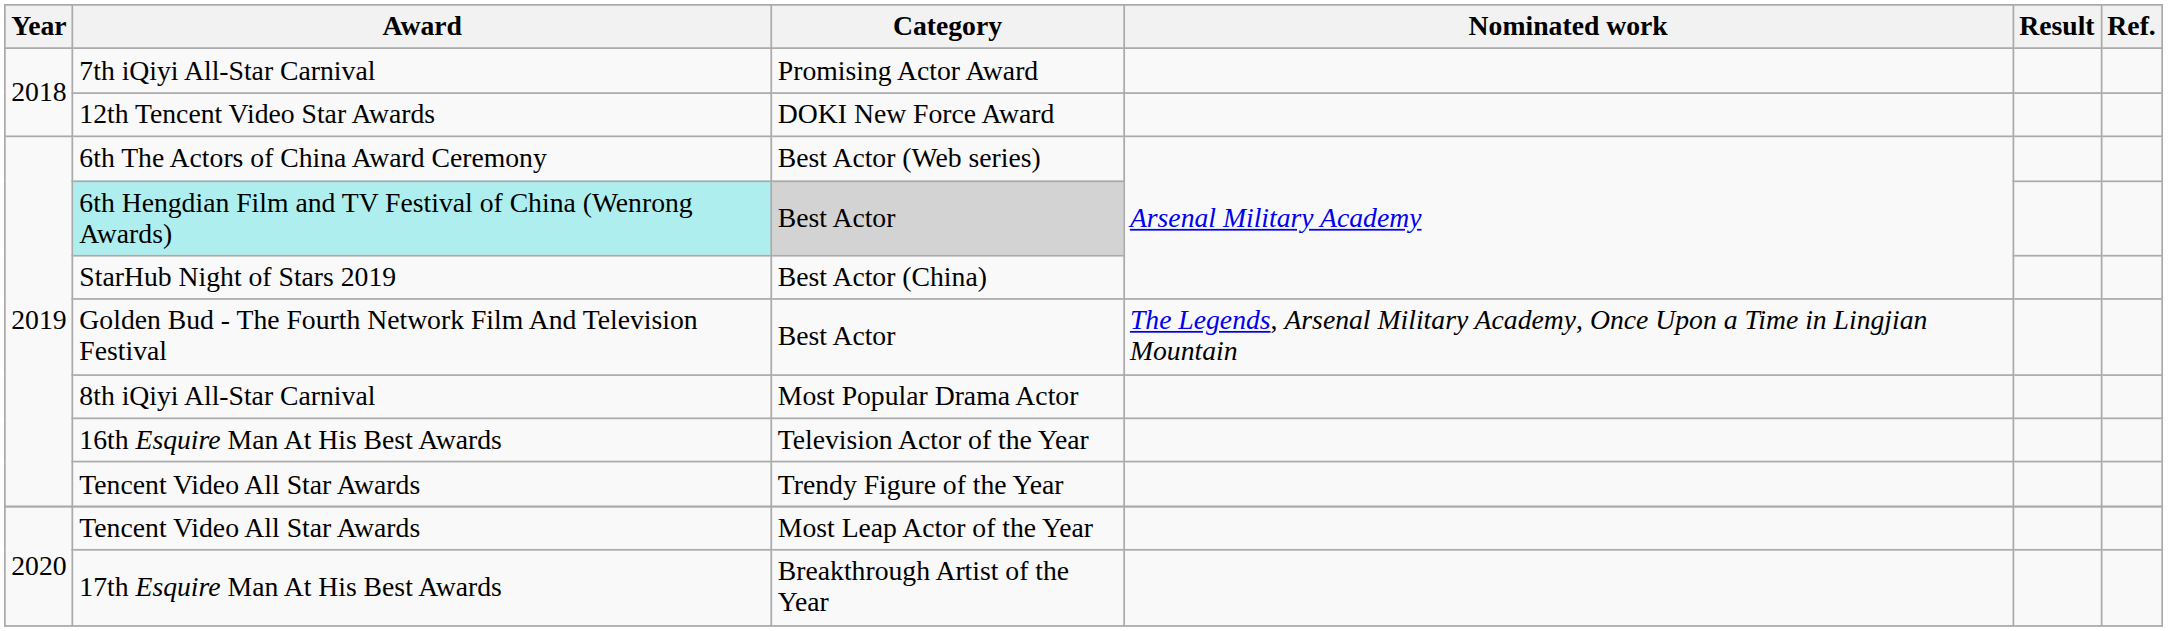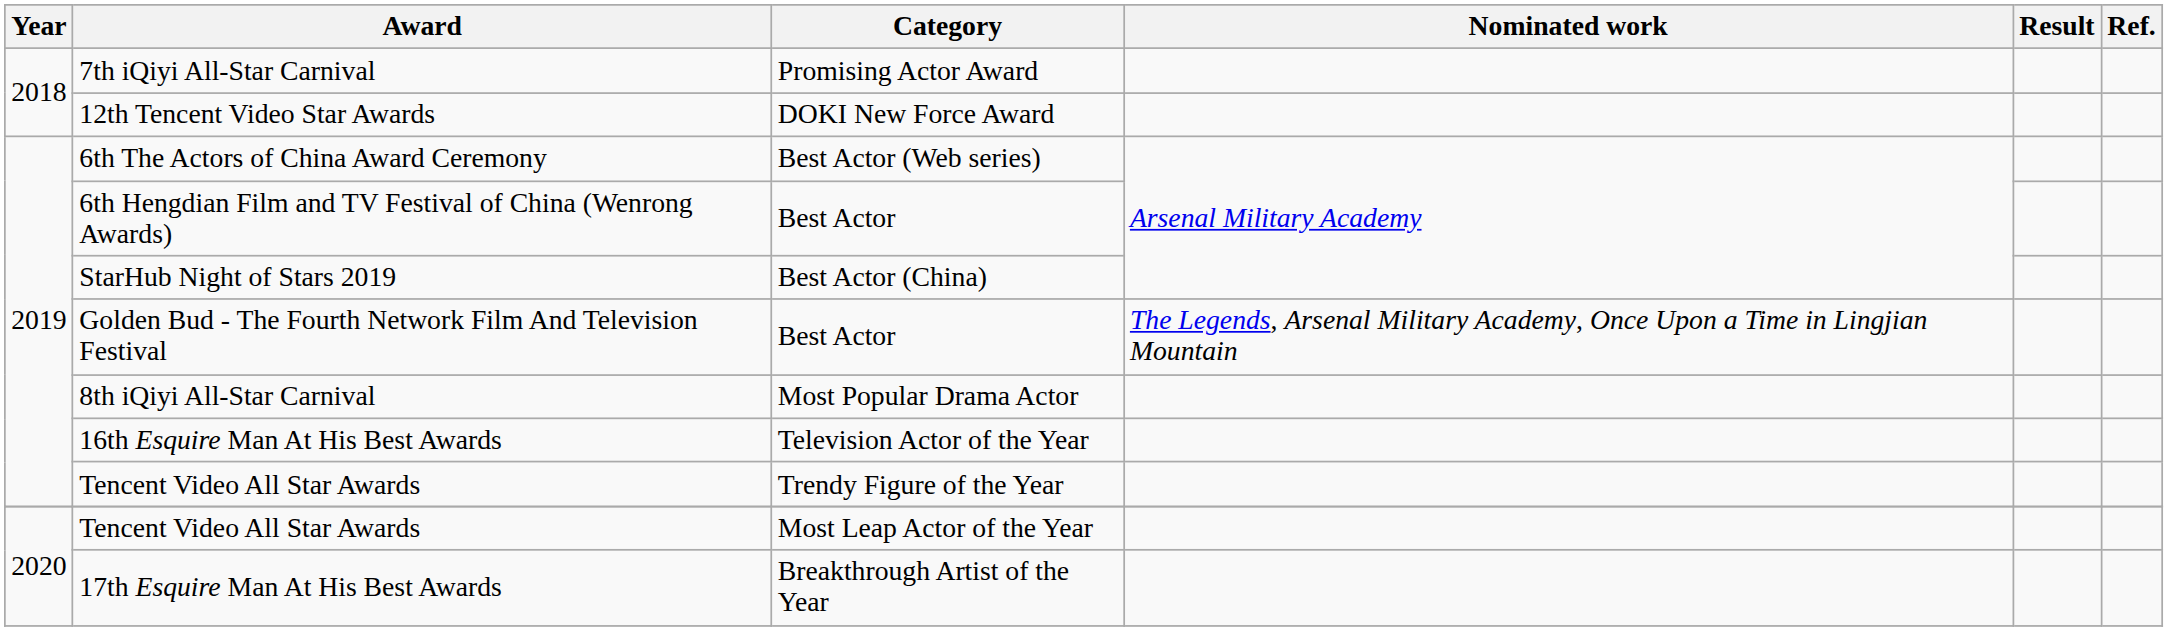 <table class="wikitable">
 <tr>
 <th>Year</th>
 <th>Award</th>
 <th>Category</th>
 <th>Nominated work</th>
 <th>Result</th>
 <th>Ref.</th>
 </tr>
 <tr>
 <td rowspan=2>2018</td>
 <td>7th iQiyi All-Star Carnival</td>
 <td>Promising Actor Award</td>
 <td></td>
 <td></td>
 <td></td>
 </tr>
 <tr>
 <td>12th Tencent Video Star Awards</td>
 <td>DOKI New Force Award</td>
 <td></td>
 <td></td>
 <td></td>
 </tr>
 <tr>
 <td rowspan=7>2019</td>
 <td>6th The Actors of China Award Ceremony</td>
 <td>Best Actor (Web series)</td>
 <td rowspan=3><em><a href='#'>Arsenal Military Academy</a></em></td>
 <td></td>
 <td></td>
 </tr>
 <tr>
-<td style="background: paleturquoise;">6th Hengdian Film and TV Festival of China (Wenrong Awards)</td>
-<td style="background: lightgrey;">Best Actor</td>
+<td>6th Hengdian Film and TV Festival of China (Wenrong Awards)</td>
+<td>Best Actor</td>
 <td></td>
 <td></td>
 </tr>
 <tr>
 <td>StarHub Night of Stars 2019</td>
 <td>Best Actor (China)</td>
 <td></td>
 <td></td>
 </tr>
 <tr>
 <td>Golden Bud - The Fourth Network Film And Television Festival</td>
 <td>Best Actor</td>
 <td><em><a href='#'>The Legends</a></em>, <em>Arsenal Military Academy</em>, <em>Once Upon a Time in Lingjian Mountain</em></td>
 <td></td>
 <td></td>
 </tr>
 <tr>
 <td>8th iQiyi All-Star Carnival</td>
 <td>Most Popular Drama Actor</td>
 <td></td>
 <td></td>
 <td></td>
 </tr>
 <tr>
 <td>16th <em>Esquire</em> Man At His Best Awards</td>
 <td>Television Actor of the Year</td>
 <td></td>
 <td></td>
 <td></td>
 </tr>
 <tr>
 <td>Tencent Video All Star Awards</td>
 <td>Trendy Figure of the Year</td>
 <td></td>
 <td></td>
 <td></td>
 </tr>
 <tr>
 </tr>
 <tr>
 <td rowspan="2">2020</td>
 <td>Tencent Video All Star Awards</td>
 <td Most Leap Actor of the Year>Most Leap Actor of the Year</td>
 <td></td>
 <td></td>
 <td></td>
 </tr>
 <tr>
 <td>17th <em>Esquire</em> Man At His Best Awards</td>
 <td Breakthrough Artist of the Year>Breakthrough Artist of the Year</td>
 <td></td>
 <td></td>
 <td></td>
 </tr>
 </table>
